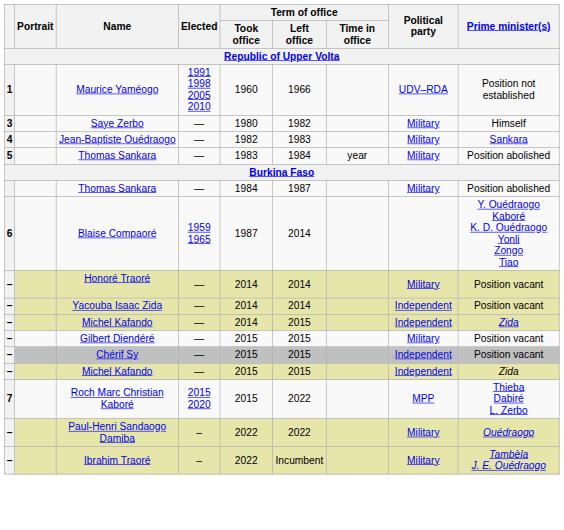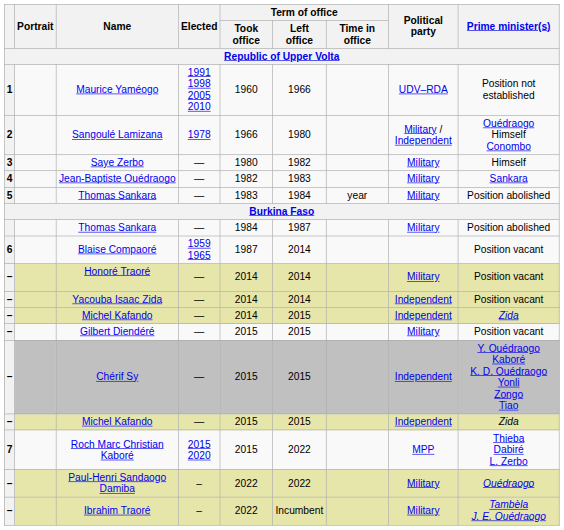 <table class="wikitable" style="text-align:center">
 <tr>
 <th rowspan="2"></th>
 <th rowspan="2">Portrait</th>
 <th rowspan="2">Name<br></th>
 <th rowspan="2">Elected</th>
 <th colspan="3">Term of office</th>
 <th rowspan="2">Political party</th>
 <th rowspan="2"><a href='#'>Prime minister(s)</a></th>
 </tr>
 <tr>
 <th>Took office</th>
 <th>Left office</th>
 <th>Time in office</th>
 </tr>
 <tr>
 <th colspan="9"><a href='#'>Republic of Upper Volta</a></th>
 </tr>
 <tr>
 <th style="background:">1</th>
 <td></td>
 <td><a href='#'>Maurice Yaméogo</a><br></td>
 <td><a href='#'>1991</a><br><a href='#'>1998</a><br><a href='#'>2005</a><br><a href='#'>2010</a></td>
 <td> 1960</td>
 <td> 1966<br></td>
 <td></td>
 <td><a href='#'>UDV–RDA</a></td>
 <td>Position not established</td>
+</tr>
+<tr>
+<th style="background:">2</th>
+<td></td>
+<td><a href='#'>Sangoulé Lamizana</a><br></td>
+<td><a href='#'>1978</a></td>
+<td> 1966</td>
+<td> 1980<br></td>
+<td></td>
+<td><a href='#'>Military</a> / <br><a href='#'>Independent</a></td>
+<td><a href='#'>Ouédraogo</a><br>Himself<br><a href='#'>Conombo</a></td>
 </tr>
 <tr>
 <th style="background:">3</th>
 <td></td>
 <td><a href='#'>Saye Zerbo</a><br></td>
 <td>—</td>
 <td> 1980</td>
 <td> 1982<br></td>
 <td></td>
 <td><a href='#'>Military</a></td>
 <td>Himself</td>
 </tr>
 <tr>
 <th style="background:">4</th>
 <td></td>
 <td><a href='#'>Jean-Baptiste Ouédraogo</a><br></td>
 <td>—</td>
 <td> 1982</td>
 <td> 1983<br></td>
 <td></td>
 <td><a href='#'>Military</a></td>
 <td><a href='#'>Sankara</a></td>
 </tr>
 <tr>
 <th style="background:">5</th>
 <td></td>
 <td><a href='#'>Thomas Sankara</a><br></td>
 <td>—</td>
 <td> 1983</td>
 <td> 1984</td>
 <td> year</td>
 <td><a href='#'>Military</a></td>
 <td>Position abolished</td>
 </tr>
 <tr>
 <th colspan="9"><a href='#'>Burkina Faso</a></th>
 </tr>
 <tr>
 <th style="background:"></th>
 <td></td>
 <td><a href='#'>Thomas Sankara</a><br></td>
 <td>—</td>
 <td> 1984</td>
 <td> 1987<br></td>
 <td></td>
 <td><a href='#'>Military</a></td>
 <td>Position abolished</td>
 </tr>
 <tr>
 <th style="background:">6</th>
 <td></td>
 <td><a href='#'>Blaise Compaoré</a><br></td>
 <td><a href='#'>1959</a><br><a href='#'>1965</a></td>
 <td> 1987</td>
 <td> 2014<br></td>
 <td></td>
 <td><br></td>
-<td><a href='#'>Y. Ouédraogo</a><br><a href='#'>Kaboré</a><br><a href='#'>K. D. Ouédraogo</a><br><a href='#'>Yonli</a><br><a href='#'>Zongo</a><br><a href='#'>Tiao</a></td>
+<td>Position vacant</td>
 </tr>
 <tr style="background:#e6e6aa;">
 <th style="background:">–</th>
 <td></td>
 <td><a href='#'>Honoré Traoré</a><br><br></td>
 <td>—</td>
 <td> 2014</td>
 <td> 2014</td>
 <td></td>
 <td><a href='#'>Military</a></td>
 <td>Position vacant</td>
 </tr>
 <tr style="background:#e6e6aa;">
 <th style="background:">–</th>
 <td></td>
 <td><a href='#'>Yacouba Isaac Zida</a><br></td>
 <td>—</td>
 <td> 2014</td>
 <td> 2014</td>
 <td></td>
 <td><a href='#'>Independent</a></td>
 <td>Position vacant</td>
 </tr>
 <tr style="background:#e6e6aa;">
 <th style="background:">–</th>
 <td></td>
 <td><a href='#'>Michel Kafando</a><br></td>
 <td>—</td>
 <td> 2014</td>
 <td> 2015<br></td>
 <td></td>
 <td><a href='#'>Independent</a></td>
 <td><em><a href='#'>Zida</a></em></td>
 </tr>
 <tr>
 <th style="background:">–</th>
 <td></td>
 <td><a href='#'>Gilbert Diendéré</a><br></td>
 <td>—</td>
 <td> 2015</td>
 <td> 2015<br></td>
 <td></td>
 <td><a href='#'>Military</a><br></td>
 <td>Position vacant</td>
 </tr>
 <tr style="background:#c0c0c0;">
 <th style="background:">–</th>
 <td></td>
 <td><a href='#'>Chérif Sy</a><br></td>
 <td>—</td>
 <td> 2015</td>
 <td> 2015</td>
 <td></td>
 <td><a href='#'>Independent</a></td>
-<td>Position vacant</td>
+<td><a href='#'>Y. Ouédraogo</a><br><a href='#'>Kaboré</a><br><a href='#'>K. D. Ouédraogo</a><br><a href='#'>Yonli</a><br><a href='#'>Zongo</a><br><a href='#'>Tiao</a></td>
 </tr>
 <tr style="background:#e6e6aa;">
 <th style="background:">–</th>
 <td></td>
 <td><a href='#'>Michel Kafando</a><br></td>
 <td>—</td>
 <td> 2015<br></td>
 <td> 2015</td>
 <td></td>
 <td><a href='#'>Independent</a></td>
 <td><em>Zida</em></td>
 </tr>
 <tr>
 <th style="background:">7</th>
 <td></td>
 <td><a href='#'>Roch Marc Christian Kaboré</a><br></td>
 <td><a href='#'>2015</a><br><a href='#'>2020</a></td>
 <td> 2015</td>
 <td> 2022<br></td>
 <td></td>
 <td><a href='#'>MPP</a></td>
 <td><a href='#'>Thieba</a><br><a href='#'>Dabiré</a><br><a href='#'>L. Zerbo</a></td>
 </tr>
 <tr style="background:#e6e6aa;">
 <th style="background:">–</th>
 <td></td>
 <td><a href='#'>Paul-Henri Sandaogo Damiba</a><br></td>
 <td>–</td>
 <td> 2022</td>
 <td> 2022<br></td>
 <td></td>
 <td><a href='#'>Military</a></td>
 <td><em><a href='#'>Ouédraogo</a></em></td>
 </tr>
 <tr style="background:#e6e6aa;">
 <th style="background:">–</th>
 <td></td>
 <td><a href='#'>Ibrahim Traoré</a><br></td>
 <td>–</td>
 <td> 2022</td>
 <td>Incumbent</td>
 <td></td>
 <td><a href='#'>Military</a></td>
 <td><em><a href='#'>Tambèla</a></em><br><em><a href='#'>J. E. Ouédraogo</a></em></td>
 </tr>
 </table>
